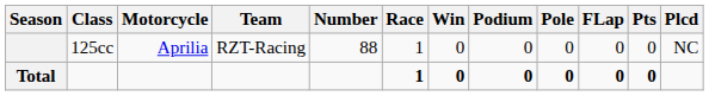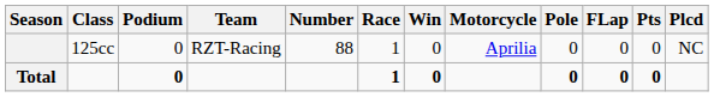 <table class="wikitable">
 <tr>
 <th>Season</th>
 <th>Class</th>
-<th>Motorcycle</th>
+<th>Podium</th>
 <th>Team</th>
 <th>Number</th>
 <th>Race</th>
 <th>Win</th>
-<th>Podium</th>
+<th>Motorcycle</th>
 <th>Pole</th>
 <th>FLap</th>
 <th>Pts</th>
 <th>Plcd</th>
 </tr>
 <tr align="right">
 <th></th>
 <td>125cc</td>
-<td><a href='#'>Aprilia</a></td>
+<td>0</td>
 <td>RZT-Racing</td>
 <td>88</td>
 <td>1</td>
 <td>0</td>
-<td>0</td>
+<td><a href='#'>Aprilia</a></td>
 <td>0</td>
 <td>0</td>
 <td>0</td>
 <td>NC</td>
 </tr>
 <tr align="right">
 <th>Total</th>
 <td></td>
-<td></td>
+<td><strong>0</strong></td>
 <td></td>
 <td></td>
 <td><strong>1</strong></td>
 <td><strong>0</strong></td>
-<td><strong>0</strong></td>
+<td></td>
 <td><strong>0</strong></td>
 <td><strong>0</strong></td>
 <td><strong>0</strong></td>
 <td></td>
 </tr>
 </table>
